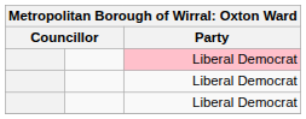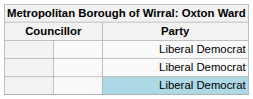 <table class="wikitable">
 <tr>
 <th colspan="5">Metropolitan Borough of Wirral: Oxton Ward</th>
 </tr>
 <tr>
 <th colspan="2">Councillor</th>
 <th>Party</th>
-</tr>
-<tr>
-<th style="background-color: "></th>
-<td></td>
-<td align="right" style="background: pink;">Liberal Democrat</td>
 </tr>
 <tr>
 <th style="background-color: "></th>
 <td></td>
 <td align="right">Liberal Democrat</td>
 </tr>
 <tr>
 <th style="background-color: "></th>
 <td></td>
 <td align="right">Liberal Democrat</td>
 </tr>
 <tr>
+<th style="background-color: "></th>
+<td></td>
+<td align="right" style="background: lightblue;">Liberal Democrat</td>
+</tr>
+<tr>
 </tr>
 </table>
